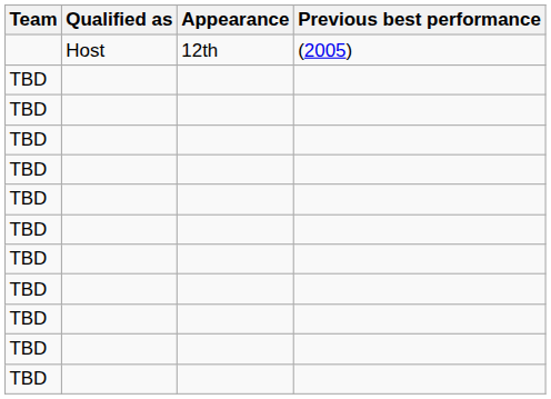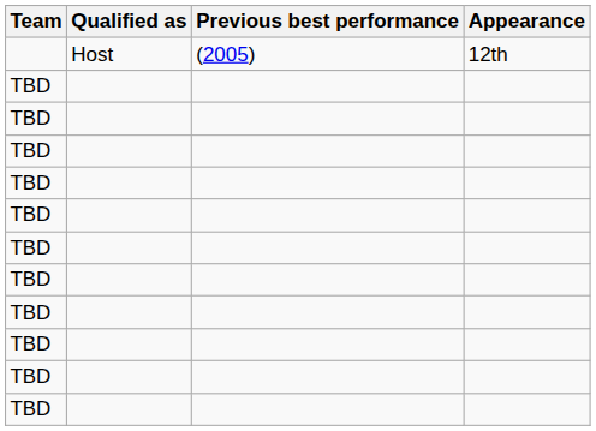 <table class="wikitable sortable">
 <tr>
 <th>Team</th>
 <th>Qualified as</th>
+<th>Previous best performance</th>
 <th data-sort-type="number">Appearance</th>
-<th>Previous best performance</th>
 </tr>
 <tr>
 <td></td>
 <td>Host</td>
+<td> (<a href='#'>2005</a>)</td>
 <td>12th</td>
-<td> (<a href='#'>2005</a>)</td>
 </tr>
 <tr>
 <td>TBD</td>
 <td></td>
 <td></td>
 <td></td>
 </tr>
 <tr>
 <td>TBD</td>
 <td></td>
 <td></td>
 <td></td>
 </tr>
 <tr>
 <td>TBD</td>
 <td></td>
 <td></td>
 <td></td>
 </tr>
 <tr>
 <td>TBD</td>
 <td></td>
 <td></td>
 <td></td>
 </tr>
 <tr>
 <td>TBD</td>
 <td></td>
 <td></td>
 <td></td>
 </tr>
 <tr>
 <td>TBD</td>
 <td></td>
 <td></td>
 <td></td>
 </tr>
 <tr>
 <td>TBD</td>
 <td></td>
 <td></td>
 <td></td>
 </tr>
 <tr>
 <td>TBD</td>
 <td></td>
 <td></td>
 <td></td>
 </tr>
 <tr>
 <td>TBD</td>
 <td></td>
 <td></td>
 <td></td>
 </tr>
 <tr>
 <td>TBD</td>
 <td></td>
 <td></td>
 <td></td>
 </tr>
 <tr>
 <td>TBD</td>
 <td></td>
 <td></td>
 <td></td>
 </tr>
 </table>
